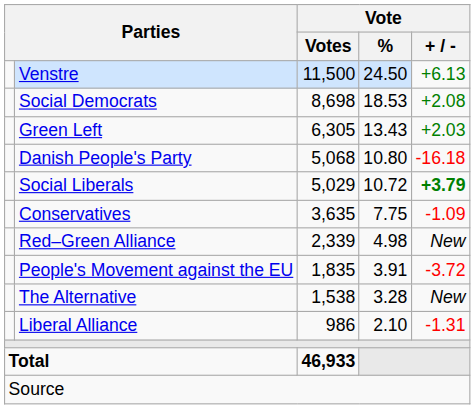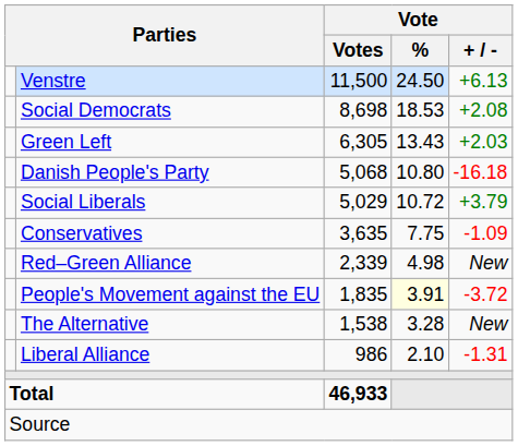 <table class="wikitable" style="text-align:right;">
 <tr>
 <th style="text-align:centre;" rowspan="2" colspan="2" width="225">Parties</th>
 <th colspan="3">Vote</th>
 </tr>
 <tr>
 <th width="15">Votes</th>
 <th width="15">%</th>
 <th width="15">+ / -</th>
 </tr>
 <tr>
 <td width="2" style="color:inherit;background:"></td>
 <td bgcolor=#cfe5fe   align="left"><a href='#'>Venstre</a></td>
 <td bgcolor=#cfe5fe>11,500</td>
 <td bgcolor=#cfe5fe>24.50</td>
 <td style=color:green;>+6.13</td>
 </tr>
 <tr>
 <td width="2" style="color:inherit;background:"></td>
 <td align="left"><a href='#'>Social Democrats</a></td>
 <td>8,698</td>
 <td>18.53</td>
 <td style=color:green;>+2.08</td>
 </tr>
 <tr>
 <td width="2" style="color:inherit;background:"></td>
 <td align="left"><a href='#'>Green Left</a></td>
 <td>6,305</td>
 <td>13.43</td>
 <td style=color:green;>+2.03</td>
 </tr>
 <tr>
 <td width="2" style="color:inherit;background:"></td>
 <td align="left"><a href='#'>Danish People's Party</a></td>
 <td>5,068</td>
 <td>10.80</td>
 <td style=color:red;>-16.18</td>
 </tr>
 <tr>
 <td width="2" style="color:inherit;background:"></td>
 <td align="left"><a href='#'>Social Liberals</a></td>
 <td>5,029</td>
 <td>10.72</td>
-<td style=color:green;><strong>+3.79</strong></td>
+<td style=color:green;>+3.79</td>
 </tr>
 <tr>
 <td width="2" style="color:inherit;background:"></td>
 <td align="left"><a href='#'>Conservatives</a></td>
 <td>3,635</td>
 <td>7.75</td>
 <td style=color:red;>-1.09</td>
 </tr>
 <tr>
 <td width="2" style="color:inherit;background:"></td>
 <td align="left"><a href='#'>Red–Green Alliance</a></td>
 <td>2,339</td>
 <td>4.98</td>
 <td><em>New</em></td>
 </tr>
 <tr>
 <td width="2" style="color:inherit;background:"></td>
 <td align="left"><a href='#'>People's Movement against the EU</a></td>
 <td>1,835</td>
-<td>3.91</td>
+<td style="background: lightyellow;">3.91</td>
 <td style=color:red;>-3.72</td>
 </tr>
 <tr>
 <td width="2" style="color:inherit;background:"></td>
 <td align="left"><a href='#'>The Alternative</a></td>
 <td>1,538</td>
 <td>3.28</td>
 <td><em>New</em></td>
 </tr>
 <tr>
 <td width="2" style="color:inherit;background:"></td>
 <td align="left"><a href='#'>Liberal Alliance</a></td>
 <td>986</td>
 <td>2.10</td>
 <td style=color:red;>-1.31</td>
 </tr>
 <tr>
 <td colspan="7" bgcolor="#E9E9E9"></td>
 </tr>
 <tr>
 <td align="left" colspan="2"><strong>Total</strong></td>
 <td><strong>46,933</strong></td>
 <td bgcolor="#E9E9E9" colspan="2"></td>
 </tr>
 <tr>
 <td align="left" colspan="6">Source</td>
 </tr>
 </table>
